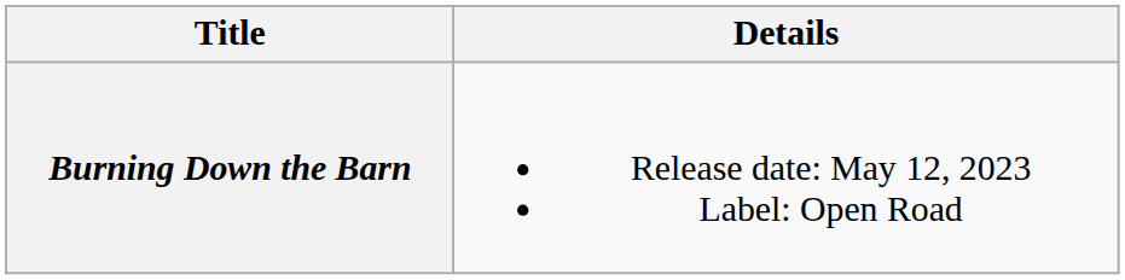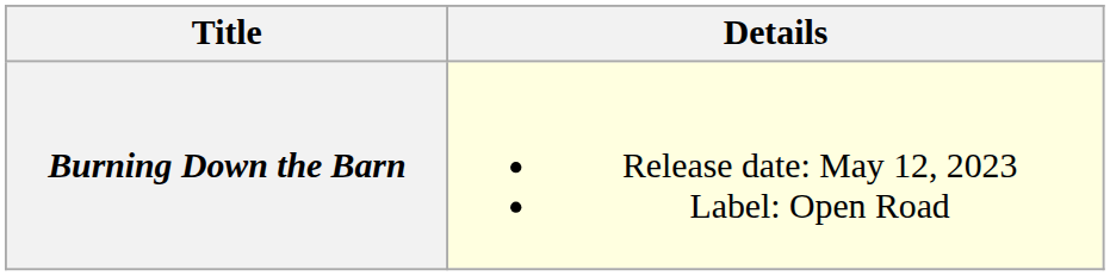 <table class="wikitable plainrowheaders" style="text-align:center;">
 <tr>
 <th style="width:12em;">Title</th>
 <th style="width:18em;">Details</th>
 </tr>
 <tr>
 <th scope="row"><em>Burning Down the Barn</em></th>
-<td><br><ul><li>Release date: May 12, 2023</li><li>Label: Open Road</li></ul></td>
+<td style="background: lightyellow;"><br><ul><li>Release date: May 12, 2023</li><li>Label: Open Road</li></ul></td>
 </tr>
 </table>
